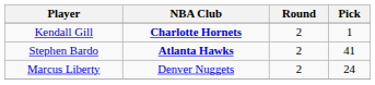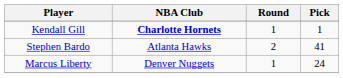 <table class="wikitable" width="500">
 <tr>
 <th>Player</th>
 <th>NBA Club</th>
 <th>Round</th>
 <th>Pick</th>
 </tr>
 <tr>
 </tr>
 <tr align="center" bgcolor="">
 <td><a href='#'>Kendall Gill</a></td>
 <td><strong><a href='#'>Charlotte Hornets</a></strong></td>
-<td>2</td>
+<td>1</td>
 <td>1</td>
 </tr>
 <tr align="center" bgcolor="">
 <td><a href='#'>Stephen Bardo</a></td>
-<td><strong><a href='#'>Atlanta Hawks</a></strong></td>
+<td><a href='#'>Atlanta Hawks</a></td>
 <td>2</td>
 <td>41</td>
 </tr>
 <tr align="center" bgcolor="">
 <td><a href='#'>Marcus Liberty</a></td>
 <td><a href='#'>Denver Nuggets</a></td>
-<td>2</td>
+<td>1</td>
 <td>24</td>
 </tr>
 <tr align="center" bgcolor="">
 </tr>
 </table>
